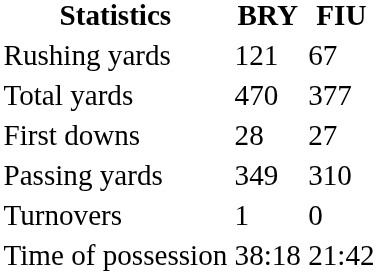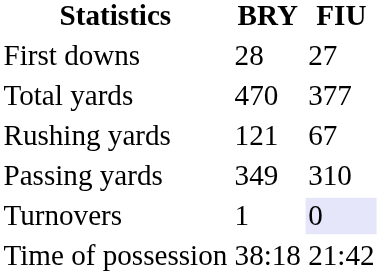 <table class="wiki table">
 <tr>
 <th>Statistics</th>
 <th>BRY</th>
 <th>FIU</th>
 </tr>
 <tr>
-<td>Rushing yards</td>
-<td>121</td>
-<td>67</td>
+<td>First downs</td>
+<td>28</td>
+<td>27</td>
 </tr>
 <tr>
 <td>Total yards</td>
 <td>470</td>
 <td>377</td>
 </tr>
 <tr>
-<td>First downs</td>
-<td>28</td>
-<td>27</td>
+<td>Rushing yards</td>
+<td>121</td>
+<td>67</td>
 </tr>
 <tr>
 <td>Passing yards</td>
 <td>349</td>
 <td>310</td>
 </tr>
 <tr>
 <td>Turnovers</td>
 <td>1</td>
-<td>0</td>
+<td style="background: lavender;">0</td>
 </tr>
 <tr>
 <td>Time of possession</td>
 <td>38:18</td>
 <td>21:42</td>
 </tr>
 <tr>
 </tr>
 </table>
